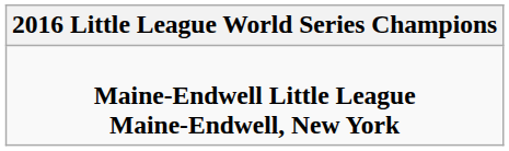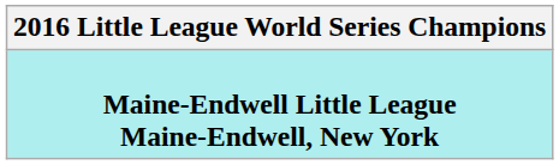 <table class="wikitable" style="text-align: center; margin: 0 auto;">
 <tr>
 <th>2016 Little League World Series Champions</th>
 </tr>
 <tr>
-<td> <br><strong>Maine-Endwell Little League</strong><br><strong> Maine-Endwell, New York</strong></td>
+<td style="background: paleturquoise;"> <br><strong>Maine-Endwell Little League</strong><br><strong> Maine-Endwell, New York</strong></td>
 </tr>
 </table>
